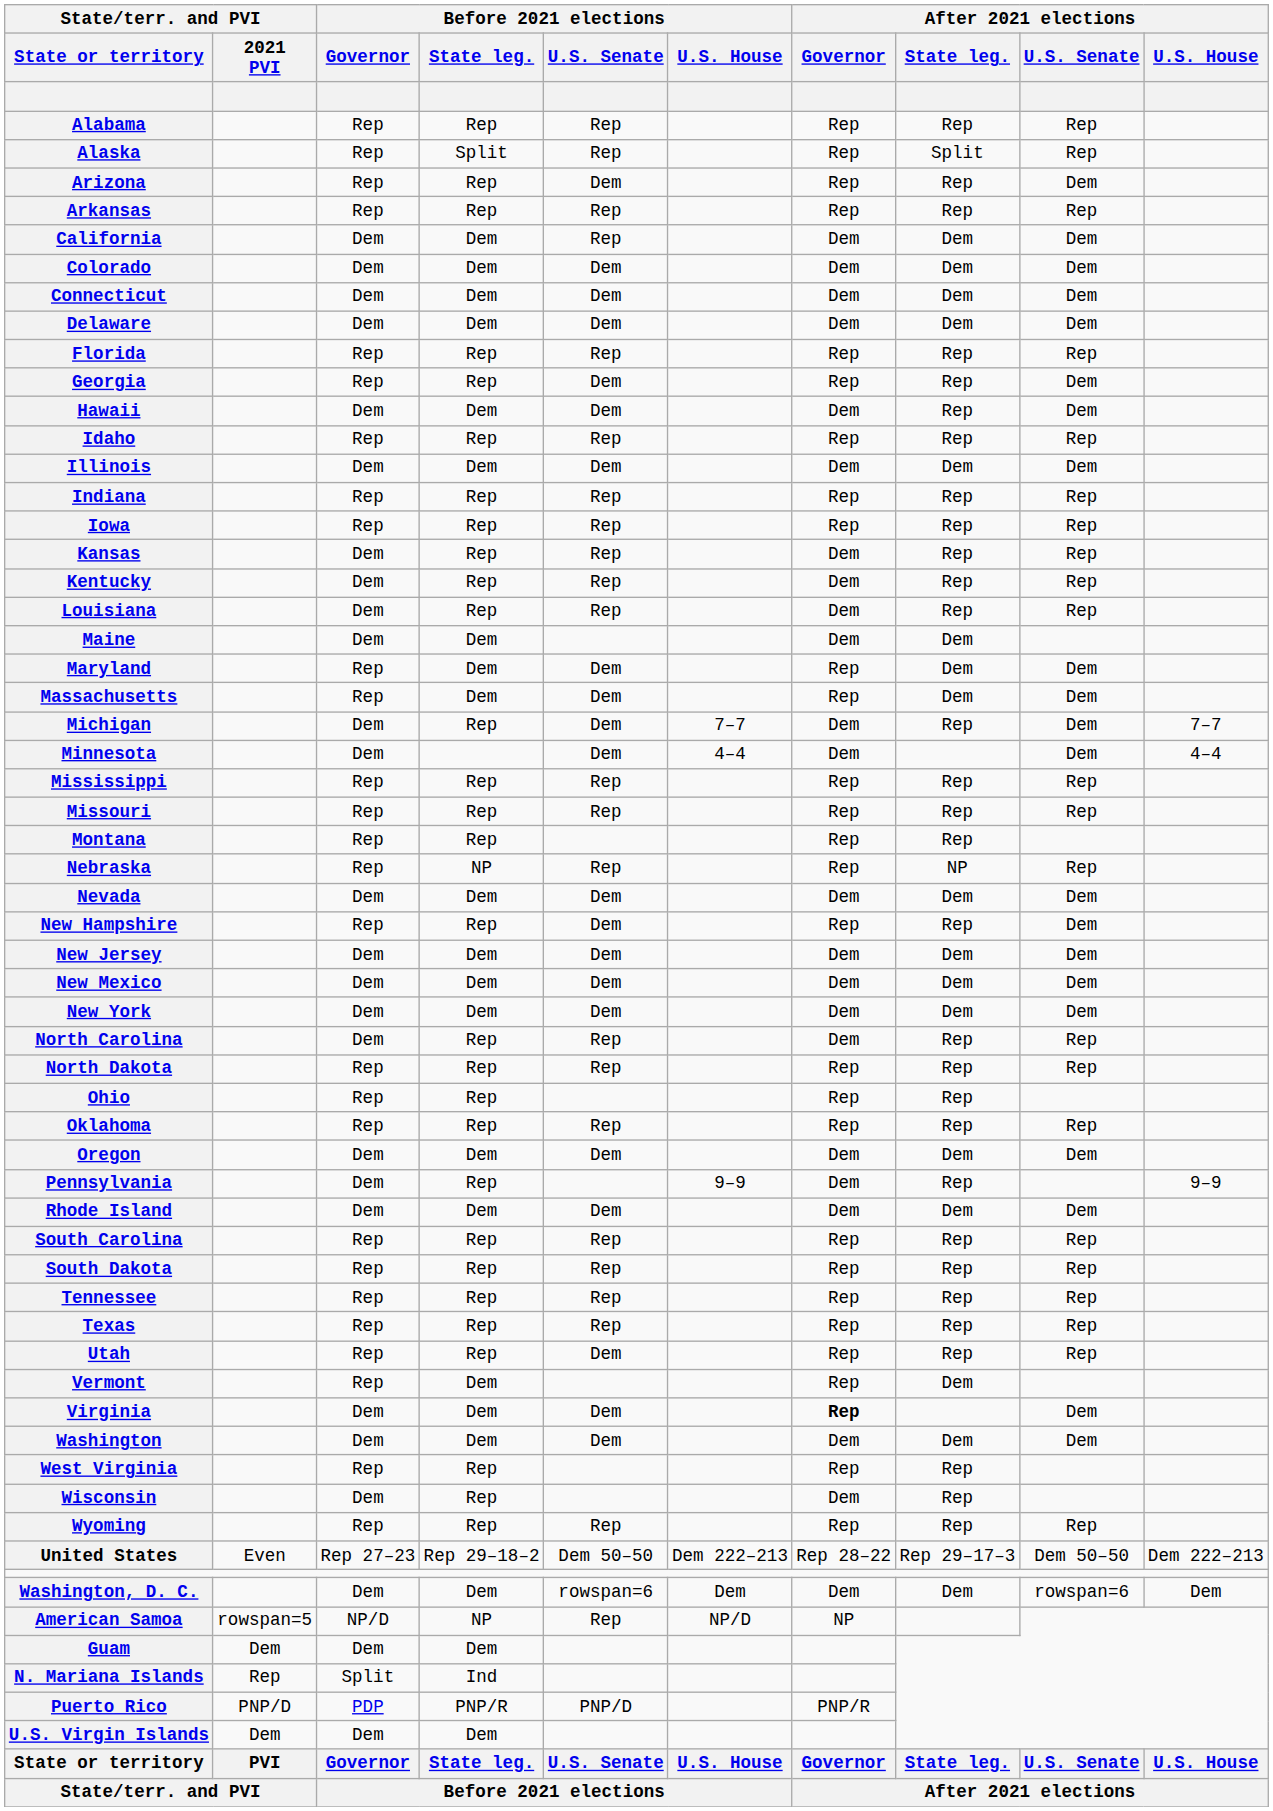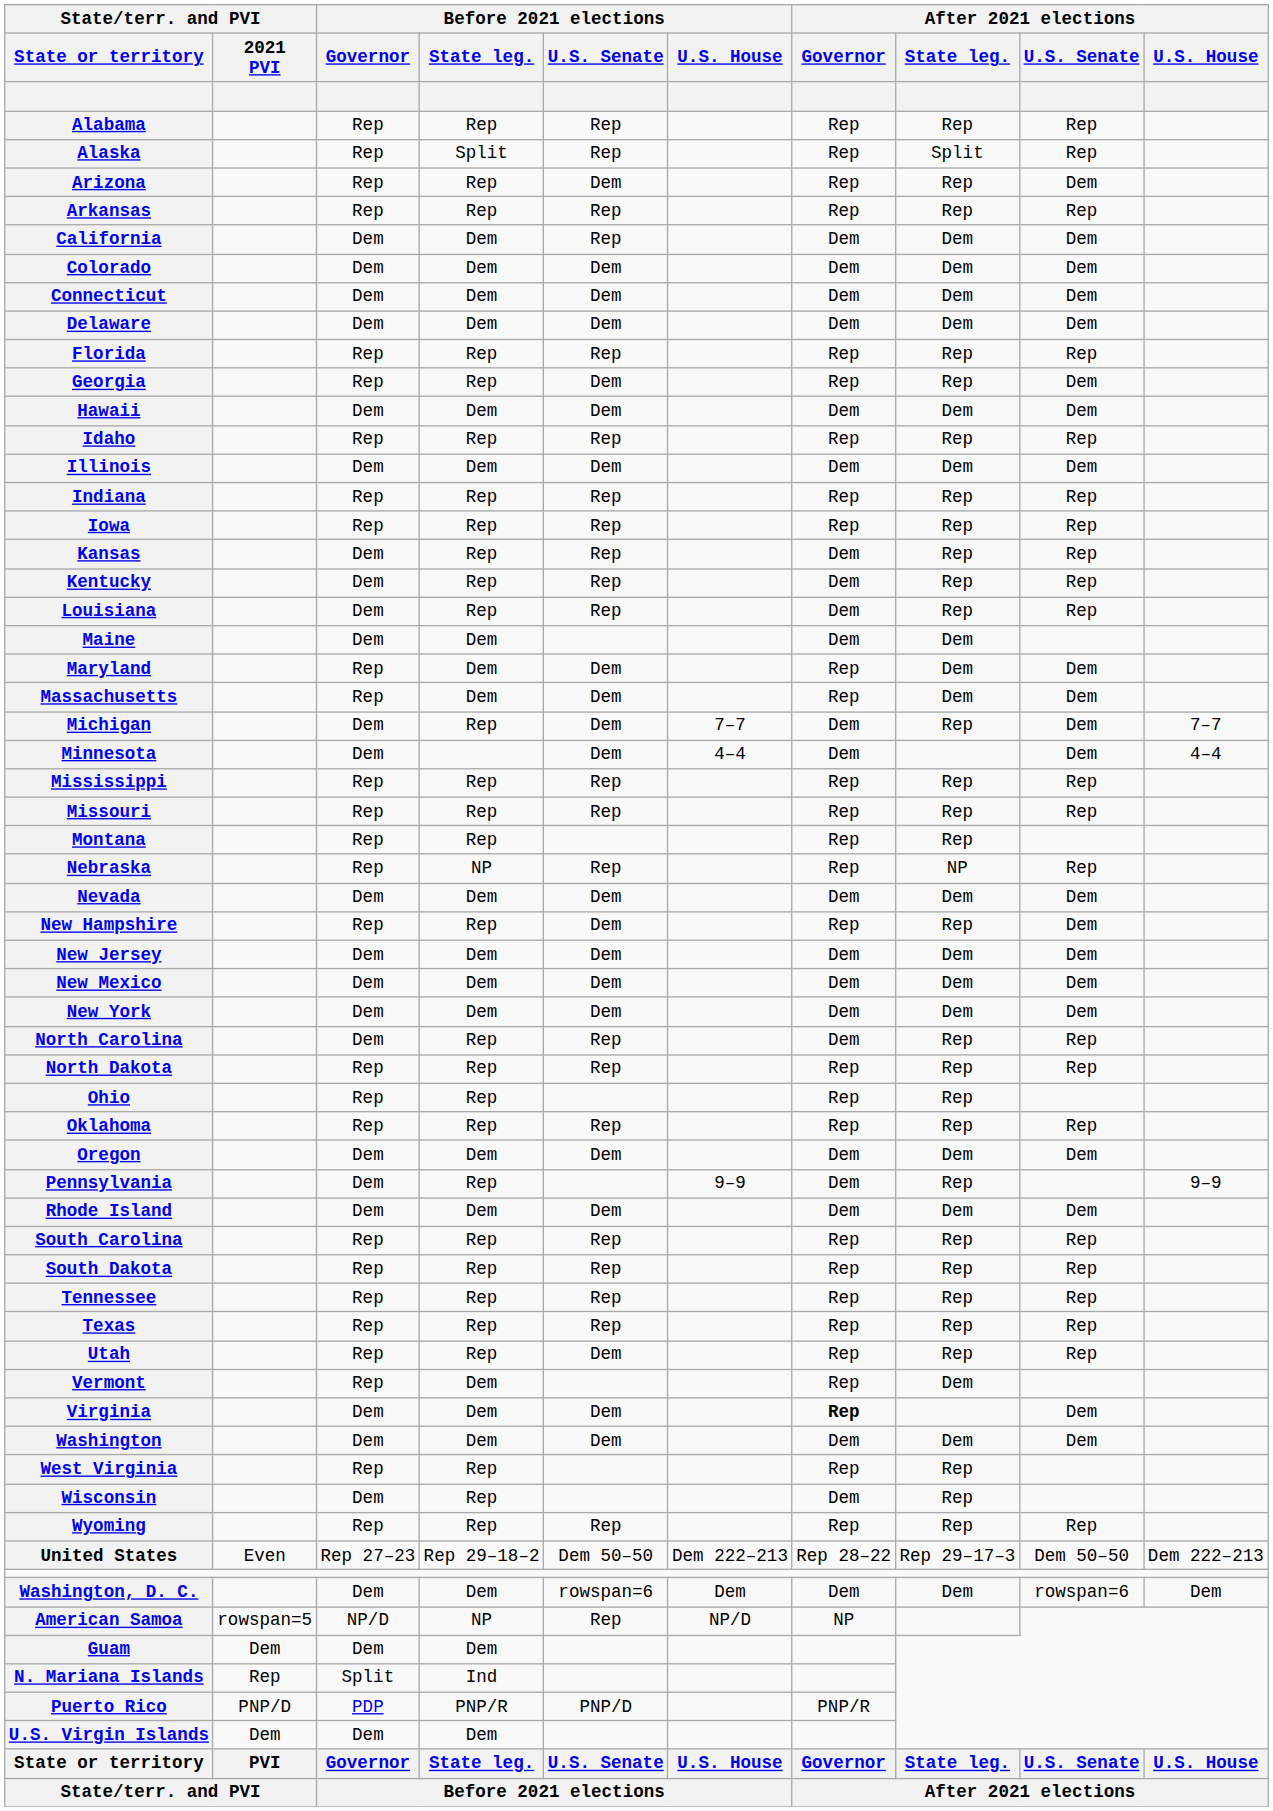 <table class="wikitable sortable plainrowheaders" style="text-align: center;">
 <tr>
 <th scope="col" colspan= 2>State/terr. and PVI</th>
 <th scope="col" colspan= 4>Before 2021 elections</th>
 <th scope="col" colspan= 4>After 2021 elections</th>
 </tr>
 <tr>
 <th><a href='#'>State or territory</a></th>
 <th data-sort-type="number">2021<br><a href='#'>PVI</a></th>
 <th><a href='#'>Governor</a></th>
 <th><a href='#'>State leg.</a></th>
 <th><a href='#'>U.S. Senate</a></th>
 <th><a href='#'>U.S. House</a></th>
 <th><a href='#'>Governor</a></th>
 <th><a href='#'>State leg.</a></th>
 <th><a href='#'>U.S. Senate</a></th>
 <th><a href='#'>U.S. House</a></th>
 </tr>
 <tr>
 <th> </th>
 <th></th>
 <th></th>
 <th></th>
 <th></th>
 <th></th>
 <th></th>
 <th></th>
 <th></th>
 <th></th>
 </tr>
 <tr>
 <th scope="row"><a href='#'>Alabama</a></th>
 <td></td>
 <td>Rep</td>
 <td>Rep</td>
 <td>Rep</td>
 <td></td>
 <td>Rep</td>
 <td>Rep</td>
 <td>Rep</td>
 <td></td>
 </tr>
 <tr>
 <th scope="row"><a href='#'>Alaska</a></th>
 <td></td>
 <td>Rep</td>
 <td>Split</td>
 <td>Rep</td>
 <td></td>
 <td>Rep</td>
 <td>Split</td>
 <td>Rep</td>
 <td></td>
 </tr>
 <tr>
 <th scope="row"><a href='#'>Arizona</a></th>
 <td></td>
 <td>Rep</td>
 <td>Rep</td>
 <td>Dem</td>
 <td></td>
 <td>Rep</td>
 <td>Rep</td>
 <td>Dem</td>
 <td></td>
 </tr>
 <tr>
 <th scope="row"><a href='#'>Arkansas</a></th>
 <td></td>
 <td>Rep</td>
 <td>Rep</td>
 <td>Rep</td>
 <td></td>
 <td>Rep</td>
 <td>Rep</td>
 <td>Rep</td>
 <td></td>
 </tr>
 <tr>
 <th scope="row"><a href='#'>California</a></th>
 <td></td>
 <td>Dem</td>
 <td>Dem</td>
 <td>Rep</td>
 <td></td>
 <td>Dem</td>
 <td>Dem</td>
 <td>Dem</td>
 <td></td>
 </tr>
 <tr>
 <th scope="row"><a href='#'>Colorado</a></th>
 <td></td>
 <td>Dem</td>
 <td>Dem</td>
 <td>Dem</td>
 <td></td>
 <td>Dem</td>
 <td>Dem</td>
 <td>Dem</td>
 <td></td>
 </tr>
 <tr>
 <th scope="row"><a href='#'>Connecticut</a></th>
 <td></td>
 <td>Dem</td>
 <td>Dem</td>
 <td>Dem</td>
 <td></td>
 <td>Dem</td>
 <td>Dem</td>
 <td>Dem</td>
 <td></td>
 </tr>
 <tr>
 <th scope="row"><a href='#'>Delaware</a></th>
 <td></td>
 <td>Dem</td>
 <td>Dem</td>
 <td>Dem</td>
 <td></td>
 <td>Dem</td>
 <td>Dem</td>
 <td>Dem</td>
 <td></td>
 </tr>
 <tr>
 <th scope="row"><a href='#'>Florida</a></th>
 <td></td>
 <td>Rep</td>
 <td>Rep</td>
 <td>Rep</td>
 <td></td>
 <td>Rep</td>
 <td>Rep</td>
 <td>Rep</td>
 <td></td>
 </tr>
 <tr>
 <th scope="row"><a href='#'>Georgia</a></th>
 <td></td>
 <td>Rep</td>
 <td>Rep</td>
 <td>Dem</td>
 <td></td>
 <td>Rep</td>
 <td>Rep</td>
 <td>Dem</td>
 <td></td>
 </tr>
 <tr>
 <th scope="row"><a href='#'>Hawaii</a></th>
 <td></td>
 <td>Dem</td>
 <td>Dem</td>
 <td>Dem</td>
 <td></td>
 <td>Dem</td>
-<td>Rep</td>
+<td>Dem</td>
 <td>Dem</td>
 <td></td>
 </tr>
 <tr>
 <th scope="row"><a href='#'>Idaho</a></th>
 <td></td>
 <td>Rep</td>
 <td>Rep</td>
 <td>Rep</td>
 <td></td>
 <td>Rep</td>
 <td>Rep</td>
 <td>Rep</td>
 <td></td>
 </tr>
 <tr>
 <th scope="row"><a href='#'>Illinois</a></th>
 <td></td>
 <td>Dem</td>
 <td>Dem</td>
 <td>Dem</td>
 <td></td>
 <td>Dem</td>
 <td>Dem</td>
 <td>Dem</td>
 <td></td>
 </tr>
 <tr>
 <th scope="row"><a href='#'>Indiana</a></th>
 <td></td>
 <td>Rep</td>
 <td>Rep</td>
 <td>Rep</td>
 <td></td>
 <td>Rep</td>
 <td>Rep</td>
 <td>Rep</td>
 <td></td>
 </tr>
 <tr>
 <th scope="row"><a href='#'>Iowa</a></th>
 <td></td>
 <td>Rep</td>
 <td>Rep</td>
 <td>Rep</td>
 <td></td>
 <td>Rep</td>
 <td>Rep</td>
 <td>Rep</td>
 <td></td>
 </tr>
 <tr>
 <th scope="row"><a href='#'>Kansas</a></th>
 <td></td>
 <td>Dem</td>
 <td>Rep</td>
 <td>Rep</td>
 <td></td>
 <td>Dem</td>
 <td>Rep</td>
 <td>Rep</td>
 <td></td>
 </tr>
 <tr>
 <th scope="row"><a href='#'>Kentucky</a></th>
 <td></td>
 <td>Dem</td>
 <td>Rep</td>
 <td>Rep</td>
 <td></td>
 <td>Dem</td>
 <td>Rep</td>
 <td>Rep</td>
 <td></td>
 </tr>
 <tr>
 <th scope="row"><a href='#'>Louisiana</a></th>
 <td></td>
 <td>Dem</td>
 <td>Rep</td>
 <td>Rep</td>
 <td></td>
 <td>Dem</td>
 <td>Rep</td>
 <td>Rep</td>
 <td></td>
 </tr>
 <tr>
 <th scope="row"><a href='#'>Maine</a></th>
 <td></td>
 <td>Dem</td>
 <td>Dem</td>
 <td></td>
 <td></td>
 <td>Dem</td>
 <td>Dem</td>
 <td></td>
 <td></td>
 </tr>
 <tr>
 <th scope="row"><a href='#'>Maryland</a></th>
 <td></td>
 <td>Rep</td>
 <td>Dem</td>
 <td>Dem</td>
 <td></td>
 <td>Rep</td>
 <td>Dem</td>
 <td>Dem</td>
 <td></td>
 </tr>
 <tr>
 <th scope="row"><a href='#'>Massachusetts</a></th>
 <td></td>
 <td>Rep</td>
 <td>Dem</td>
 <td>Dem</td>
 <td></td>
 <td>Rep</td>
 <td>Dem</td>
 <td>Dem</td>
 <td></td>
 </tr>
 <tr>
 <th scope="row"><a href='#'>Michigan</a></th>
 <td></td>
 <td>Dem</td>
 <td>Rep</td>
 <td>Dem</td>
 <td> 7–7</td>
 <td>Dem</td>
 <td>Rep</td>
 <td>Dem</td>
 <td> 7–7</td>
 </tr>
 <tr>
 <th scope="row"><a href='#'>Minnesota</a></th>
 <td></td>
 <td>Dem</td>
 <td></td>
 <td>Dem</td>
 <td> 4–4</td>
 <td>Dem</td>
 <td></td>
 <td>Dem</td>
 <td> 4–4</td>
 </tr>
 <tr>
 <th scope="row"><a href='#'>Mississippi</a></th>
 <td></td>
 <td>Rep</td>
 <td>Rep</td>
 <td>Rep</td>
 <td></td>
 <td>Rep</td>
 <td>Rep</td>
 <td>Rep</td>
 <td></td>
 </tr>
 <tr>
 <th scope="row"><a href='#'>Missouri</a></th>
 <td></td>
 <td>Rep</td>
 <td>Rep</td>
 <td>Rep</td>
 <td></td>
 <td>Rep</td>
 <td>Rep</td>
 <td>Rep</td>
 <td></td>
 </tr>
 <tr>
 <th scope="row"><a href='#'>Montana</a></th>
 <td></td>
 <td>Rep</td>
 <td>Rep</td>
 <td></td>
 <td></td>
 <td>Rep</td>
 <td>Rep</td>
 <td></td>
 <td></td>
 </tr>
 <tr>
 <th scope="row"><a href='#'>Nebraska</a></th>
 <td></td>
 <td>Rep</td>
 <td>NP</td>
 <td>Rep</td>
 <td></td>
 <td>Rep</td>
 <td>NP</td>
 <td>Rep</td>
 <td></td>
 </tr>
 <tr>
 <th scope="row"><a href='#'>Nevada</a></th>
 <td></td>
 <td>Dem</td>
 <td>Dem</td>
 <td>Dem</td>
 <td></td>
 <td>Dem</td>
 <td>Dem</td>
 <td>Dem</td>
 <td></td>
 </tr>
 <tr>
 <th scope="row"><a href='#'>New Hampshire</a></th>
 <td></td>
 <td>Rep</td>
 <td>Rep</td>
 <td>Dem</td>
 <td></td>
 <td>Rep</td>
 <td>Rep</td>
 <td>Dem</td>
 <td></td>
 </tr>
 <tr>
 <th scope="row"><a href='#'>New Jersey</a></th>
 <td></td>
 <td>Dem</td>
 <td>Dem</td>
 <td>Dem</td>
 <td></td>
 <td>Dem</td>
 <td>Dem</td>
 <td>Dem</td>
 <td></td>
 </tr>
 <tr>
 <th scope="row"><a href='#'>New Mexico</a></th>
 <td></td>
 <td>Dem</td>
 <td>Dem</td>
 <td>Dem</td>
 <td></td>
 <td>Dem</td>
 <td>Dem</td>
 <td>Dem</td>
 <td></td>
 </tr>
 <tr>
 <th scope="row"><a href='#'>New York</a></th>
 <td></td>
 <td>Dem</td>
 <td>Dem</td>
 <td>Dem</td>
 <td></td>
 <td>Dem</td>
 <td>Dem</td>
 <td>Dem</td>
 <td></td>
 </tr>
 <tr>
 <th scope="row"><a href='#'>North Carolina</a></th>
 <td></td>
 <td>Dem</td>
 <td>Rep</td>
 <td>Rep</td>
 <td></td>
 <td>Dem</td>
 <td>Rep</td>
 <td>Rep</td>
 <td></td>
 </tr>
 <tr>
 <th scope="row"><a href='#'>North Dakota</a></th>
 <td></td>
 <td>Rep</td>
 <td>Rep</td>
 <td>Rep</td>
 <td></td>
 <td>Rep</td>
 <td>Rep</td>
 <td>Rep</td>
 <td></td>
 </tr>
 <tr>
 <th scope="row"><a href='#'>Ohio</a></th>
 <td></td>
 <td>Rep</td>
 <td>Rep</td>
 <td></td>
 <td></td>
 <td>Rep</td>
 <td>Rep</td>
 <td></td>
 <td></td>
 </tr>
 <tr>
 <th scope="row"><a href='#'>Oklahoma</a></th>
 <td></td>
 <td>Rep</td>
 <td>Rep</td>
 <td>Rep</td>
 <td></td>
 <td>Rep</td>
 <td>Rep</td>
 <td>Rep</td>
 <td></td>
 </tr>
 <tr>
 <th scope="row"><a href='#'>Oregon</a></th>
 <td></td>
 <td>Dem</td>
 <td>Dem</td>
 <td>Dem</td>
 <td></td>
 <td>Dem</td>
 <td>Dem</td>
 <td>Dem</td>
 <td></td>
 </tr>
 <tr>
 <th scope="row"><a href='#'>Pennsylvania</a></th>
 <td></td>
 <td>Dem</td>
 <td>Rep</td>
 <td></td>
 <td> 9–9</td>
 <td>Dem</td>
 <td>Rep</td>
 <td></td>
 <td> 9–9</td>
 </tr>
 <tr>
 <th scope="row"><a href='#'>Rhode Island</a></th>
 <td></td>
 <td>Dem</td>
 <td>Dem</td>
 <td>Dem</td>
 <td></td>
 <td>Dem</td>
 <td>Dem</td>
 <td>Dem</td>
 <td></td>
 </tr>
 <tr>
 <th scope="row"><a href='#'>South Carolina</a></th>
 <td></td>
 <td>Rep</td>
 <td>Rep</td>
 <td>Rep</td>
 <td></td>
 <td>Rep</td>
 <td>Rep</td>
 <td>Rep</td>
 <td></td>
 </tr>
 <tr>
 <th scope="row"><a href='#'>South Dakota</a></th>
 <td></td>
 <td>Rep</td>
 <td>Rep</td>
 <td>Rep</td>
 <td></td>
 <td>Rep</td>
 <td>Rep</td>
 <td>Rep</td>
 <td></td>
 </tr>
 <tr>
 <th scope="row"><a href='#'>Tennessee</a></th>
 <td></td>
 <td>Rep</td>
 <td>Rep</td>
 <td>Rep</td>
 <td></td>
 <td>Rep</td>
 <td>Rep</td>
 <td>Rep</td>
 <td></td>
 </tr>
 <tr>
 <th scope="row"><a href='#'>Texas</a></th>
 <td></td>
 <td>Rep</td>
 <td>Rep</td>
 <td>Rep</td>
 <td></td>
 <td>Rep</td>
 <td>Rep</td>
 <td>Rep</td>
 <td></td>
 </tr>
 <tr>
 <th scope="row"><a href='#'>Utah</a></th>
 <td></td>
 <td>Rep</td>
 <td>Rep</td>
 <td>Dem</td>
 <td></td>
 <td>Rep</td>
 <td>Rep</td>
 <td>Rep</td>
 <td></td>
 </tr>
 <tr>
 <th scope="row"><a href='#'>Vermont</a></th>
 <td></td>
 <td>Rep</td>
 <td>Dem</td>
 <td></td>
 <td></td>
 <td>Rep</td>
 <td>Dem</td>
 <td></td>
 <td></td>
 </tr>
 <tr>
 <th scope="row"><a href='#'>Virginia</a></th>
 <td></td>
 <td>Dem</td>
 <td>Dem</td>
 <td>Dem</td>
 <td></td>
 <td><strong>Rep</strong></td>
 <td><strong></strong></td>
 <td>Dem</td>
 <td></td>
 </tr>
 <tr>
 <th scope="row"><a href='#'>Washington</a></th>
 <td></td>
 <td>Dem</td>
 <td>Dem</td>
 <td>Dem</td>
 <td></td>
 <td>Dem</td>
 <td>Dem</td>
 <td>Dem</td>
 <td></td>
 </tr>
 <tr>
 <th scope="row"><a href='#'>West Virginia</a></th>
 <td></td>
 <td>Rep</td>
 <td>Rep</td>
 <td></td>
 <td></td>
 <td>Rep</td>
 <td>Rep</td>
 <td></td>
 <td></td>
 </tr>
 <tr>
 <th scope="row"><a href='#'>Wisconsin</a></th>
 <td></td>
 <td>Dem</td>
 <td>Rep</td>
 <td></td>
 <td></td>
 <td>Dem</td>
 <td>Rep</td>
 <td></td>
 <td></td>
 </tr>
 <tr>
 <th scope="row"><a href='#'>Wyoming</a></th>
 <td></td>
 <td>Rep</td>
 <td>Rep</td>
 <td>Rep</td>
 <td></td>
 <td>Rep</td>
 <td>Rep</td>
 <td>Rep</td>
 <td></td>
 </tr>
 <tr class="sortbottom" |>
 <th scope="row">United States</th>
 <td>Even</td>
 <td>Rep 27–23</td>
 <td>Rep 29–18–2</td>
 <td>Dem 50–50</td>
 <td>Dem 222–213</td>
 <td>Rep 28–22</td>
 <td>Rep 29–17–3</td>
 <td>Dem 50–50</td>
 <td>Dem 222–213</td>
 </tr>
 <tr class="sortbottom">
 <td colspan=11></td>
 </tr>
 <tr class="sortbottom" |>
 <th scope="row"><a href='#'>Washington, D. C.</a></th>
 <td></td>
 <td>Dem</td>
 <td>Dem</td>
 <td>rowspan=6 </td>
 <td>Dem</td>
 <td>Dem</td>
 <td>Dem</td>
 <td>rowspan=6 </td>
 <td>Dem</td>
 </tr>
 <tr class="sortbottom" |>
 <th scope="row"><a href='#'>American Samoa</a></th>
 <td>rowspan=5 </td>
 <td>NP/D</td>
 <td>NP</td>
 <td>Rep</td>
 <td>NP/D</td>
 <td>NP</td>
 <td></td>
 </tr>
 <tr class="sortbottom" |>
 <th scope="row"><a href='#'>Guam</a></th>
 <td>Dem</td>
 <td>Dem</td>
 <td>Dem</td>
 <td></td>
 <td></td>
 <td></td>
 </tr>
 <tr class="sortbottom" |>
 <th scope="row"><a href='#'>N. Mariana Islands</a></th>
 <td>Rep</td>
 <td>Split</td>
 <td>Ind</td>
 <td></td>
 <td></td>
 <td></td>
 </tr>
 <tr class="sortbottom" |>
 <th scope="row"><a href='#'>Puerto Rico</a></th>
 <td>PNP/D</td>
 <td><a href='#'>PDP</a></td>
 <td>PNP/R</td>
 <td>PNP/D</td>
 <td></td>
 <td>PNP/R</td>
 </tr>
 <tr class="sortbottom" |>
 <th scope="row"><a href='#'>U.S. Virgin Islands</a></th>
 <td>Dem</td>
 <td>Dem</td>
 <td>Dem</td>
 <td></td>
 <td></td>
 <td></td>
 </tr>
 <tr>
 <th>State or territory</th>
 <th>PVI</th>
 <th><a href='#'>Governor</a></th>
 <th><a href='#'>State leg.</a></th>
 <th><a href='#'>U.S. Senate</a></th>
 <th><a href='#'>U.S. House</a></th>
 <th><a href='#'>Governor</a></th>
 <th><a href='#'>State leg.</a></th>
 <th><a href='#'>U.S. Senate</a></th>
 <th><a href='#'>U.S. House</a></th>
 </tr>
 <tr>
 <th colspan=2>State/terr. and PVI</th>
 <th colspan= 4>Before 2021 elections</th>
 <th colspan= 4>After 2021 elections</th>
 </tr>
 </table>
